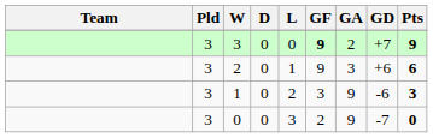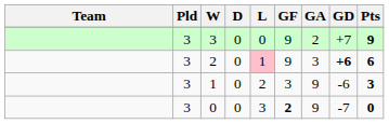 <table class="wikitable" style="text-align:center;">
 <tr>
 <th width=180>Team</th>
 <th width=20>Pld</th>
 <th width=20>W</th>
 <th width=20>D</th>
 <th width=20>L</th>
 <th width=20>GF</th>
 <th width=20>GA</th>
 <th width=20>GD</th>
 <th width=20>Pts</th>
 </tr>
 <tr>
 </tr>
 <tr bgcolor=ccffcc>
 <td align="left"></td>
 <td>3</td>
 <td>3</td>
 <td>0</td>
 <td>0</td>
-<td><strong>9</strong></td>
+<td>9</td>
 <td>2</td>
 <td>+7</td>
 <td><strong>9</strong></td>
 </tr>
 <tr>
 <td align="left"></td>
 <td>3</td>
 <td>2</td>
 <td>0</td>
-<td>1</td>
+<td style="background: pink;">1</td>
 <td>9</td>
 <td>3</td>
-<td>+6</td>
+<td><strong>+6</strong></td>
 <td><strong>6</strong></td>
 </tr>
 <tr>
 <td align="left"></td>
 <td>3</td>
 <td>1</td>
 <td>0</td>
 <td>2</td>
 <td>3</td>
 <td>9</td>
 <td>-6</td>
 <td><strong>3</strong></td>
 </tr>
 <tr>
 <td align="left"></td>
 <td>3</td>
 <td>0</td>
 <td>0</td>
 <td>3</td>
-<td>2</td>
+<td><strong>2</strong></td>
 <td>9</td>
 <td>-7</td>
 <td><strong>0</strong></td>
 </tr>
 </table>
